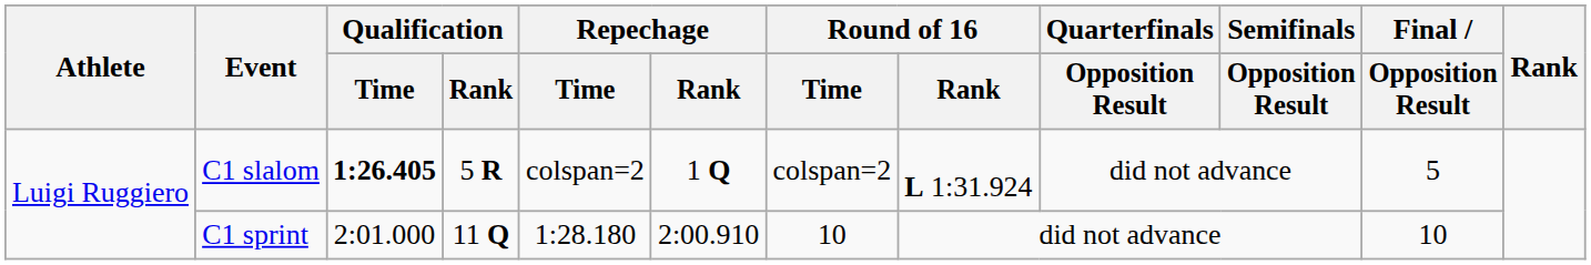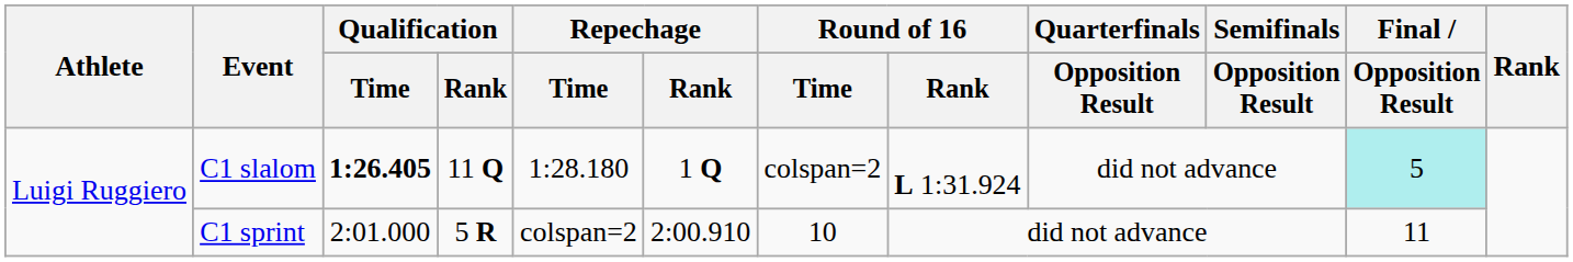 <table class="wikitable" style="font-size:90%;">
 <tr>
 <th rowspan=2>Athlete</th>
 <th rowspan=2>Event</th>
 <th colspan=2>Qualification</th>
 <th colspan=2>Repechage</th>
 <th colspan=2>Round of 16</th>
 <th>Quarterfinals</th>
 <th>Semifinals</th>
 <th>Final / </th>
 <th rowspan=2>Rank</th>
 </tr>
 <tr style="font-size:95%">
 <th>Time</th>
 <th>Rank</th>
 <th>Time</th>
 <th>Rank</th>
 <th>Time</th>
 <th>Rank</th>
 <th>Opposition <br>Result</th>
 <th>Opposition <br>Result</th>
 <th>Opposition <br>Result</th>
 </tr>
 <tr align=center>
 <td rowspan=2 align=left><a href='#'>Luigi Ruggiero</a></td>
 <td align=left><a href='#'>C1 slalom</a></td>
 <td><strong>1:26.405</strong></td>
-<td>5 <strong>R</strong></td>
-<td>colspan=2 </td>
+<td>11 <strong>Q</strong></td>
+<td>1:28.180</td>
 <td>1 <strong>Q</strong></td>
 <td>colspan=2 </td>
 <td><br><strong>L</strong> 1:31.924</td>
 <td colspan=2>did not advance</td>
-<td>5</td>
+<td style="background: paleturquoise;">5</td>
 </tr>
 <tr align=center>
 <td align=left><a href='#'>C1 sprint</a></td>
 <td>2:01.000</td>
-<td>11 <strong>Q</strong></td>
-<td>1:28.180</td>
+<td>5 <strong>R</strong></td>
+<td>colspan=2 </td>
 <td>2:00.910</td>
 <td>10</td>
 <td colspan=3>did not advance</td>
-<td>10</td>
+<td>11</td>
 </tr>
 </table>
